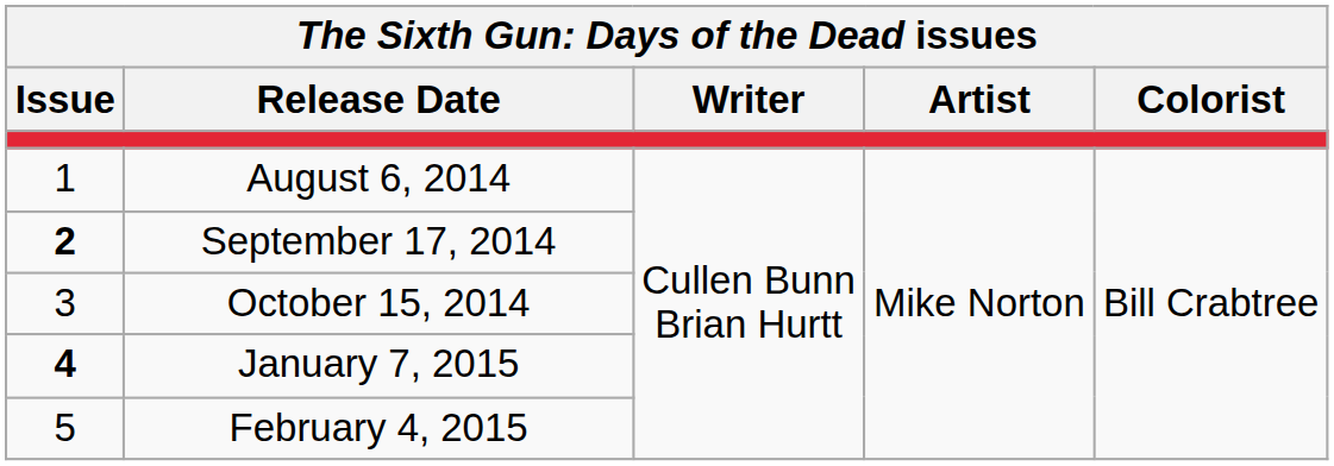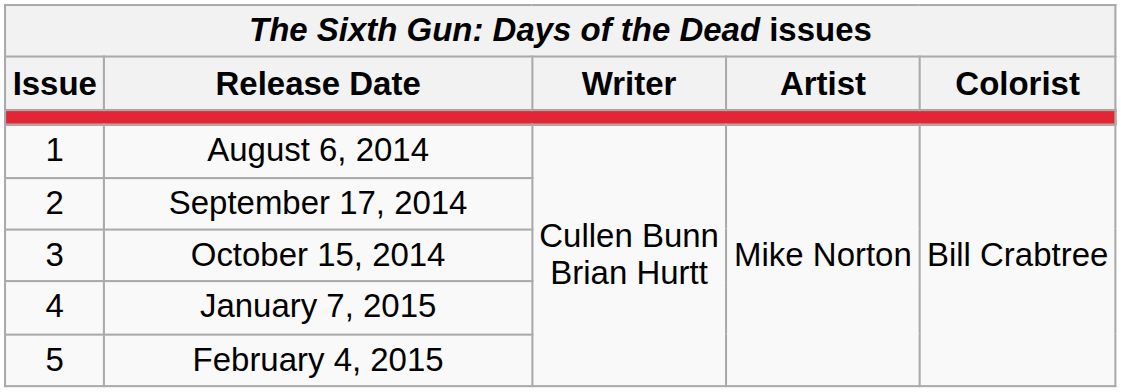 <table class="wikitable mw-collapsible mw-collapsed" style="text-align: center">
 <tr>
 <th colspan=5><em>The Sixth Gun: Days of the Dead</em> issues</th>
 </tr>
 <tr>
 <th width="40px">Issue</th>
 <th width="200px">Release Date</th>
 <th>Writer</th>
 <th>Artist</th>
 <th>Colorist</th>
 </tr>
 <tr>
 <td colspan=5 style=background:#e32636;></td>
 </tr>
 <tr>
 <td>1</td>
 <td>August 6, 2014</td>
 <td rowspan=5>Cullen Bunn<br>Brian Hurtt</td>
 <td rowspan=5>Mike Norton</td>
 <td rowspan=5>Bill Crabtree</td>
 </tr>
 <tr>
-<td><strong>2</strong></td>
+<td>2</td>
 <td>September 17, 2014</td>
 </tr>
 <tr>
 <td>3</td>
 <td>October 15, 2014</td>
 </tr>
 <tr>
-<td><strong>4</strong></td>
+<td>4</td>
 <td>January 7, 2015</td>
 </tr>
 <tr>
 <td>5</td>
 <td>February 4, 2015</td>
 </tr>
 </table>
